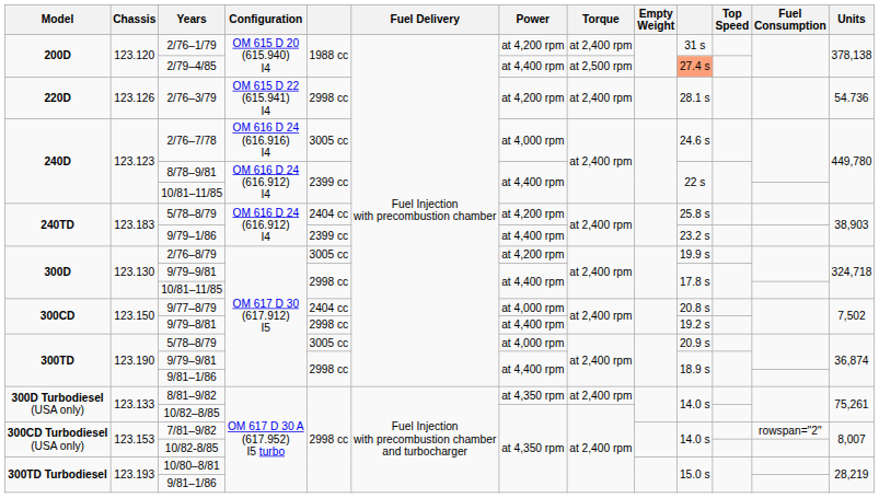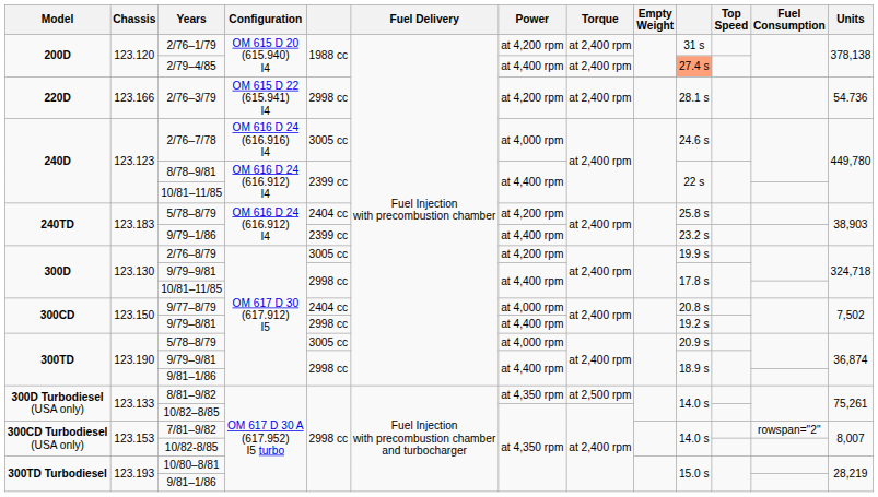 <table class="wikitable" style="text-align: center; font-size: 0.85em;">
 <tr>
 <th scope="col">Model</th>
 <th scope="col">Chassis</th>
 <th scope="col">Years</th>
 <th scope="col">Configuration</th>
 <th scope="col"></th>
 <th scope="col">Fuel Delivery</th>
 <th scope="col">Power</th>
 <th scope="col">Torque</th>
 <th scope="col">Empty<br>Weight</th>
 <th scope="col"></th>
 <th scope="col">Top<br>Speed</th>
 <th scope="col">Fuel<br>Consumption</th>
 <th scope="col">Units</th>
 </tr>
 <tr>
 <td rowspan="2"><strong>200D</strong></td>
 <td rowspan="2">123.120</td>
 <td>2/76–1/79</td>
 <td rowspan="2"><a href='#'>OM 615 D 20</a><br>(615.940)<br>I4</td>
 <td rowspan="2">1988 cc</td>
 <td rowspan="16">Fuel Injection<br>with precombustion chamber</td>
 <td> at 4,200 rpm</td>
 <td> at 2,400 rpm</td>
 <td rowspan="2"></td>
 <td>31 s</td>
 <td></td>
 <td rowspan="2"></td>
 <td rowspan="2">378,138</td>
 </tr>
 <tr>
 <td>2/79–4/85</td>
 <td> at 4,400 rpm</td>
-<td> at 2,500 rpm</td>
+<td> at 2,400 rpm</td>
 <td style="background: lightsalmon;">27.4 s</td>
 <td></td>
 </tr>
 <tr>
 <td><strong>220D</strong></td>
-<td>123.126</td>
+<td>123.166</td>
 <td>2/76–3/79</td>
 <td><a href='#'>OM 615 D 22</a><br>(615.941)<br>I4</td>
 <td>2998 cc</td>
 <td> at 4,200 rpm</td>
 <td> at 2,400 rpm</td>
 <td></td>
 <td>28.1 s</td>
 <td></td>
 <td></td>
 <td>54.736</td>
 </tr>
 <tr>
 <td rowspan="3"><strong>240D</strong></td>
 <td rowspan="3">123.123</td>
 <td>2/76–7/78</td>
 <td><a href='#'>OM 616 D 24</a><br>(616.916)<br>I4</td>
 <td>3005 cc</td>
 <td> at 4,000 rpm</td>
 <td rowspan="3"> at 2,400 rpm</td>
 <td rowspan="3"></td>
 <td>24.6 s</td>
 <td></td>
 <td rowspan="2"></td>
 <td rowspan="3">449,780</td>
 </tr>
 <tr>
 <td>8/78–9/81</td>
 <td rowspan="2"><a href='#'>OM 616 D 24</a><br>(616.912)<br>I4</td>
 <td rowspan="2">2399 cc</td>
 <td rowspan="2"> at 4,400 rpm</td>
 <td rowspan="2">22 s</td>
 <td rowspan="2"></td>
 </tr>
 <tr>
 <td>10/81–11/85</td>
 <td></td>
 </tr>
 <tr>
 <td rowspan="2"><strong>240TD</strong></td>
 <td rowspan="2">123.183</td>
 <td>5/78–8/79</td>
 <td rowspan="2"><a href='#'>OM 616 D 24</a><br>(616.912)<br>I4</td>
 <td>2404 cc</td>
 <td> at 4,200 rpm</td>
 <td rowspan="2"> at 2,400 rpm</td>
 <td rowspan="2"></td>
 <td>25.8 s</td>
 <td></td>
 <td></td>
 <td rowspan="2">38,903</td>
 </tr>
 <tr>
 <td>9/79–1/86</td>
 <td>2399 cc</td>
 <td> at 4,400 rpm</td>
 <td>23.2 s</td>
 <td></td>
 <td></td>
 </tr>
 <tr>
 <td rowspan="3"><strong>300D</strong></td>
 <td rowspan="3">123.130</td>
 <td>2/76–8/79</td>
 <td rowspan="8"><a href='#'>OM 617 D 30</a><br>(617.912)<br>I5</td>
 <td>3005 cc</td>
 <td> at 4,200 rpm</td>
 <td rowspan="3"> at 2,400 rpm</td>
 <td rowspan="3"></td>
 <td>19.9 s</td>
 <td></td>
 <td rowspan="2"></td>
 <td rowspan="3">324,718</td>
 </tr>
 <tr>
 <td>9/79–9/81</td>
 <td rowspan="2">2998 cc</td>
 <td rowspan="2"> at 4,400 rpm</td>
 <td rowspan="2">17.8 s</td>
 <td rowspan="2"></td>
 </tr>
 <tr>
 <td>10/81–11/85</td>
 <td></td>
 </tr>
 <tr>
 <td rowspan="2"><strong>300CD</strong></td>
 <td rowspan="2">123.150</td>
 <td>9/77–8/79</td>
 <td>2404 cc</td>
 <td> at 4,000 rpm</td>
 <td rowspan="2"> at 2,400 rpm</td>
 <td rowspan="2"></td>
 <td>20.8 s</td>
 <td></td>
 <td rowspan="2"></td>
 <td rowspan="2">7,502</td>
 </tr>
 <tr>
 <td>9/79–8/81</td>
 <td>2998 cc</td>
 <td> at 4,400 rpm</td>
 <td>19.2 s</td>
 <td></td>
 </tr>
 <tr>
 <td rowspan="3"><strong>300TD</strong></td>
 <td rowspan="3">123.190</td>
 <td>5/78–8/79</td>
 <td>3005 cc</td>
 <td> at 4,000 rpm</td>
 <td rowspan="3"> at 2,400 rpm</td>
 <td rowspan="3"></td>
 <td>20.9 s</td>
 <td></td>
 <td rowspan="2"></td>
 <td rowspan="3">36,874</td>
 </tr>
 <tr>
 <td>9/79–9/81</td>
 <td rowspan="2">2998 cc</td>
 <td rowspan="2"> at 4,400 rpm</td>
 <td rowspan="2">18.9 s</td>
 <td rowspan="2"></td>
 </tr>
 <tr>
 <td>9/81–1/86</td>
 <td></td>
 </tr>
 <tr>
 <td rowspan="2"><strong>300D Turbodiesel</strong><br>(USA only)</td>
 <td rowspan="2">123.133</td>
 <td>8/81–9/82</td>
 <td rowspan="6"><a href='#'>OM 617 D 30 A</a><br>(617.952)<br>I5 <a href='#'>turbo</a></td>
 <td rowspan="6">2998 cc</td>
 <td rowspan="6">Fuel Injection<br>with precombustion chamber<br>and turbocharger</td>
 <td> at 4,350 rpm</td>
-<td> at 2,400 rpm</td>
+<td> at 2,500 rpm</td>
 <td rowspan="2"></td>
 <td rowspan="2">14.0 s</td>
 <td></td>
 <td rowspan="2"></td>
 <td rowspan="2">75,261</td>
 </tr>
 <tr>
 <td>10/82–8/85</td>
 <td rowspan="5"> at 4,350 rpm</td>
 <td rowspan="5"> at 2,400 rpm</td>
 <td></td>
 </tr>
 <tr>
 <td rowspan="2"><strong>300CD Turbodiesel</strong><br>(USA only)</td>
 <td rowspan="2">123.153</td>
 <td>7/81–9/82</td>
 <td rowspan="2"></td>
 <td rowspan="2">14.0 s</td>
 <td></td>
 <td>rowspan="2" </td>
 <td rowspan="2">8,007</td>
 </tr>
 <tr>
 <td>10/82-8/85</td>
 <td></td>
 </tr>
 <tr>
 <td rowspan="2"><strong>300TD Turbodiesel</strong></td>
 <td rowspan="2">123.193</td>
 <td>10/80–8/81</td>
 <td rowspan="2"></td>
 <td rowspan="2">15.0 s</td>
 <td rowspan="2"></td>
 <td></td>
 <td rowspan="2">28,219</td>
 </tr>
 <tr>
 <td>9/81–1/86</td>
 <td></td>
 </tr>
 </table>
